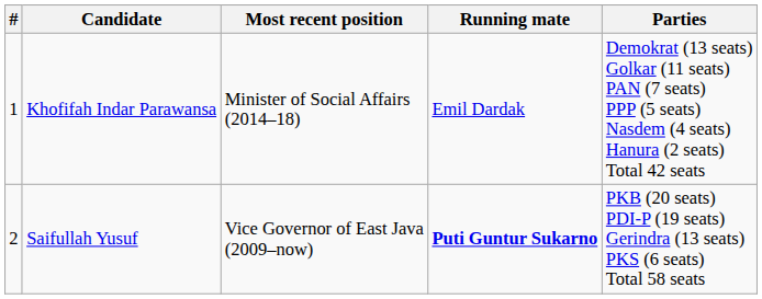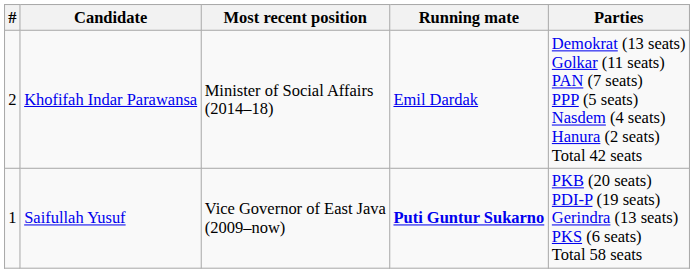 <table class="wikitable">
 <tr>
 <th>#</th>
 <th>Candidate</th>
 <th>Most recent position</th>
 <th>Running mate</th>
 <th>Parties</th>
 </tr>
 <tr>
-<td>1</td>
+<td>2</td>
 <td><a href='#'>Khofifah Indar Parawansa</a></td>
 <td>Minister of Social Affairs<br>(2014–18)</td>
 <td><a href='#'>Emil Dardak</a></td>
 <td><a href='#'>Demokrat</a> (13 seats)<br><a href='#'>Golkar</a> (11 seats)<br><a href='#'>PAN</a> (7 seats)<br><a href='#'>PPP</a> (5 seats)<br><a href='#'>Nasdem</a> (4 seats)<br><a href='#'>Hanura</a> (2 seats)<br>Total 42 seats</td>
 </tr>
 <tr>
-<td>2</td>
+<td>1</td>
 <td><a href='#'>Saifullah Yusuf</a></td>
 <td>Vice Governor of East Java<br>(2009–now)</td>
 <td><strong><a href='#'>Puti Guntur Sukarno</a></strong></td>
 <td><a href='#'>PKB</a> (20 seats)<br><a href='#'>PDI-P</a> (19 seats)<br><a href='#'>Gerindra</a> (13 seats)<br><a href='#'>PKS</a> (6 seats)<br>Total 58 seats </td>
 </tr>
 </table>
